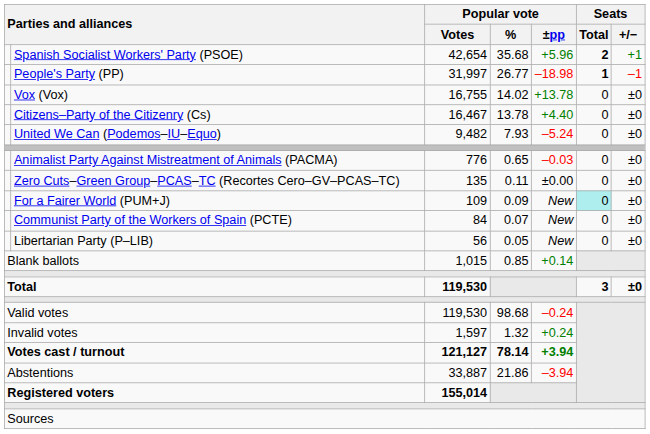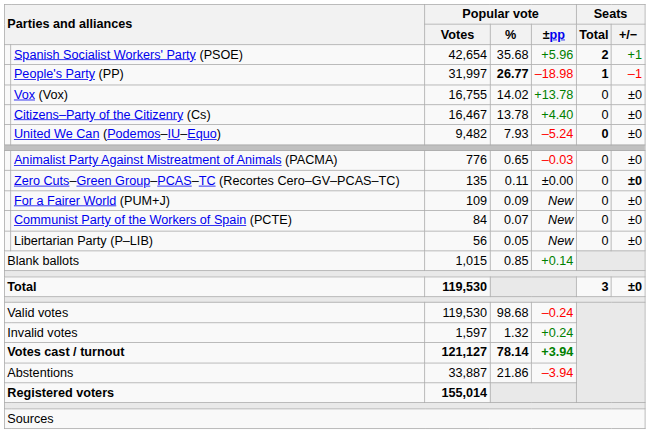 <table class="wikitable" style="text-align:right;">
 <tr>
 <th style="text-align:left;" rowspan="2" colspan="2" width="525">Parties and alliances</th>
 <th colspan="3">Popular vote</th>
 <th colspan="2">Seats</th>
 </tr>
 <tr>
 <th width="75">Votes</th>
 <th width="45">%</th>
 <th width="45">±<a href='#'>pp</a></th>
 <th width="35">Total</th>
 <th width="35">+/−</th>
 </tr>
 <tr>
 <td width="1" style="color:inherit;background:"></td>
 <td align="left"><a href='#'>Spanish Socialist Workers' Party</a> (PSOE)</td>
 <td>42,654</td>
 <td>35.68</td>
 <td style="color:green;">+5.96</td>
 <td><strong>2</strong></td>
 <td style="color:green;">+1</td>
 </tr>
 <tr>
 <td style="color:inherit;background:"></td>
 <td align="left"><a href='#'>People's Party</a> (PP)</td>
 <td>31,997</td>
-<td>26.77</td>
+<td><strong>26.77</strong></td>
 <td style="color:red;">–18.98</td>
 <td><strong>1</strong></td>
 <td style="color:red;">–1</td>
 </tr>
 <tr>
 <td style="color:inherit;background:"></td>
 <td align="left"><a href='#'>Vox</a> (Vox)</td>
 <td>16,755</td>
 <td>14.02</td>
 <td style="color:green;">+13.78</td>
 <td>0</td>
 <td>±0</td>
 </tr>
 <tr>
 <td style="color:inherit;background:"></td>
 <td align="left"><a href='#'>Citizens–Party of the Citizenry</a> (Cs)</td>
 <td>16,467</td>
 <td>13.78</td>
 <td style="color:green;">+4.40</td>
 <td>0</td>
 <td>±0</td>
 </tr>
 <tr>
 <td style="color:inherit;background:"></td>
 <td align="left"><a href='#'>United We Can</a> (<a href='#'>Podemos</a>–<a href='#'>IU</a>–<a href='#'>Equo</a>)</td>
 <td>9,482</td>
 <td>7.93</td>
 <td style="color:red;">–5.24</td>
-<td>0</td>
+<td><strong>0</strong></td>
 <td>±0</td>
 </tr>
 <tr>
 <td colspan="7" bgcolor="#C0C0C0"></td>
 </tr>
 <tr>
 <td style="color:inherit;background:"></td>
 <td align="left"><a href='#'>Animalist Party Against Mistreatment of Animals</a> (PACMA)</td>
 <td>776</td>
 <td>0.65</td>
 <td style="color:red;">–0.03</td>
 <td>0</td>
 <td>±0</td>
 </tr>
 <tr>
 <td style="color:inherit;background:"></td>
 <td align="left"><a href='#'>Zero Cuts</a>–<a href='#'>Green Group</a>–<a href='#'>PCAS</a>–<a href='#'>TC</a> (Recortes Cero–GV–PCAS–TC)</td>
 <td>135</td>
 <td>0.11</td>
 <td>±0.00</td>
 <td>0</td>
-<td>±0</td>
+<td><strong>±0</strong></td>
 </tr>
 <tr>
 <td style="color:inherit;background:"></td>
 <td align="left"><a href='#'>For a Fairer World</a> (PUM+J)</td>
 <td>109</td>
 <td>0.09</td>
 <td><em>New</em></td>
-<td style="background: paleturquoise;">0</td>
+<td>0</td>
 <td>±0</td>
 </tr>
 <tr>
 <td style="color:inherit;background:"></td>
 <td align="left"><a href='#'>Communist Party of the Workers of Spain</a> (PCTE)</td>
 <td>84</td>
 <td>0.07</td>
 <td><em>New</em></td>
 <td>0</td>
 <td>±0</td>
 </tr>
 <tr>
 <td style="color:inherit;background:"></td>
 <td align="left">Libertarian Party (P–LIB)</td>
 <td>56</td>
 <td>0.05</td>
 <td><em>New</em></td>
 <td>0</td>
 <td>±0</td>
 </tr>
 <tr>
 <td align="left" colspan="2">Blank ballots</td>
 <td>1,015</td>
 <td>0.85</td>
 <td style="color:green;">+0.14</td>
 <td bgcolor="#E9E9E9" colspan="2"></td>
 </tr>
 <tr>
 <td colspan="7" bgcolor="#E9E9E9"></td>
 </tr>
 <tr style="font-weight:bold;">
 <td align="left" colspan="2">Total</td>
 <td>119,530</td>
 <td bgcolor="#E9E9E9" colspan="2"></td>
 <td>3</td>
 <td>±0</td>
 </tr>
 <tr>
 <td colspan="7" bgcolor="#E9E9E9"></td>
 </tr>
 <tr>
 <td align="left" colspan="2">Valid votes</td>
 <td>119,530</td>
 <td>98.68</td>
 <td style="color:red;">–0.24</td>
 <td bgcolor="#E9E9E9" colspan="2" rowspan="5"></td>
 </tr>
 <tr>
 <td align="left" colspan="2">Invalid votes</td>
 <td>1,597</td>
 <td>1.32</td>
 <td style="color:green;">+0.24</td>
 </tr>
 <tr style="font-weight:bold;">
 <td align="left" colspan="2">Votes cast / turnout</td>
 <td>121,127</td>
 <td>78.14</td>
 <td style="color:green;">+3.94</td>
 </tr>
 <tr>
 <td align="left" colspan="2">Abstentions</td>
 <td>33,887</td>
 <td>21.86</td>
 <td style="color:red;">–3.94</td>
 </tr>
 <tr style="font-weight:bold;">
 <td align="left" colspan="2">Registered voters</td>
 <td>155,014</td>
 <td bgcolor="#E9E9E9" colspan="2"></td>
 </tr>
 <tr>
 <td colspan="7" bgcolor="#E9E9E9"></td>
 </tr>
 <tr>
 <td align="left" colspan="7">Sources</td>
 </tr>
 </table>
